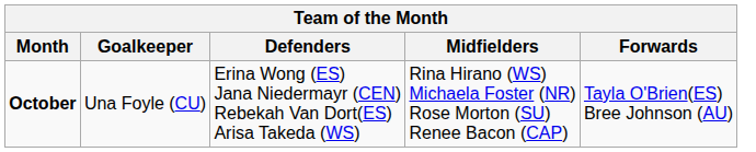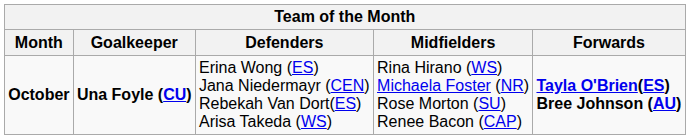 <table class="wikitable collapsible collapsed">
 <tr>
 <th colspan="7">Team of the Month</th>
 </tr>
 <tr>
 <th>Month</th>
 <th>Goalkeeper</th>
 <th>Defenders</th>
 <th>Midfielders</th>
 <th>Forwards</th>
 </tr>
 <tr>
 <td style="text-align: center;"><strong>October</strong><br></td>
-<td>Una Foyle (<a href='#'>CU</a>)</td>
+<td><strong>Una Foyle (<a href='#'>CU</a>)</strong></td>
 <td>Erina Wong (<a href='#'>ES</a>)<br>Jana Niedermayr (<a href='#'>CEN</a>)<br>Rebekah Van Dort(<a href='#'>ES</a>)<br>Arisa Takeda (<a href='#'>WS</a>)</td>
 <td>Rina Hirano (<a href='#'>WS</a>)<br><a href='#'>Michaela Foster</a> (<a href='#'>NR</a>)<br>Rose Morton (<a href='#'>SU</a>)<br>Renee Bacon (<a href='#'>CAP</a>)</td>
-<td><a href='#'>Tayla O'Brien</a>(<a href='#'>ES</a>)<br>Bree Johnson (<a href='#'>AU</a>)</td>
+<td><strong><a href='#'>Tayla O'Brien</a>(<a href='#'>ES</a>)<br>Bree Johnson (<a href='#'>AU</a>)</strong></td>
 </tr>
 <tr>
 </tr>
 </table>
